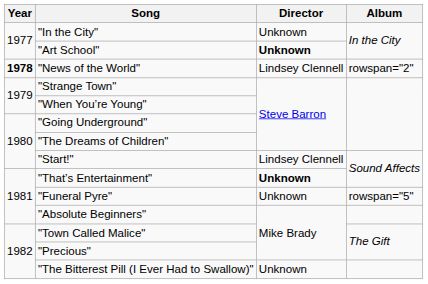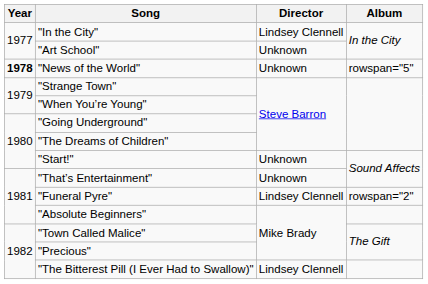 <table class="wikitable">
 <tr>
 <th>Year</th>
 <th>Song</th>
 <th>Director</th>
 <th>Album</th>
 </tr>
 <tr>
 <td rowspan="2">1977</td>
 <td>"In the City"</td>
-<td>Unknown</td>
+<td>Lindsey Clennell</td>
 <td rowspan="2"><em>In the City</em></td>
 </tr>
 <tr>
 <td>"Art School"</td>
-<td><strong>Unknown</strong></td>
+<td>Unknown</td>
 </tr>
 <tr>
 <td><strong>1978</strong></td>
 <td>"News of the World"</td>
-<td>Lindsey Clennell</td>
-<td>rowspan="2" </td>
+<td>Unknown</td>
+<td>rowspan="5" </td>
 </tr>
 <tr>
 <td rowspan="2">1979</td>
 <td>"Strange Town"</td>
 <td rowspan="4"><a href='#'>Steve Barron</a></td>
 </tr>
 <tr>
 <td>"When You’re Young"</td>
 </tr>
 <tr>
 <td rowspan="3">1980</td>
 <td>"Going Underground"</td>
 </tr>
 <tr>
 <td>"The Dreams of Children"</td>
 </tr>
 <tr>
 <td>"Start!"</td>
-<td>Lindsey Clennell</td>
+<td>Unknown</td>
 <td rowspan="2"><em>Sound Affects</em></td>
 </tr>
 <tr>
 <td rowspan="3">1981</td>
 <td>"That’s Entertainment"</td>
-<td><strong>Unknown</strong></td>
+<td>Unknown</td>
 </tr>
 <tr>
 <td>"Funeral Pyre"</td>
-<td>Unknown</td>
-<td>rowspan="5" </td>
+<td>Lindsey Clennell</td>
+<td>rowspan="2" </td>
 </tr>
 <tr>
 <td>"Absolute Beginners"</td>
 <td rowspan="3">Mike Brady</td>
 </tr>
 <tr>
 <td rowspan="3">1982</td>
 <td>"Town Called Malice"</td>
 <td rowspan="2"><em>The Gift</em></td>
 </tr>
 <tr>
 <td>"Precious"</td>
 </tr>
 <tr>
 <td>"The Bitterest Pill (I Ever Had to Swallow)"</td>
-<td>Unknown</td>
+<td>Lindsey Clennell</td>
 <td></td>
 </tr>
 </table>
